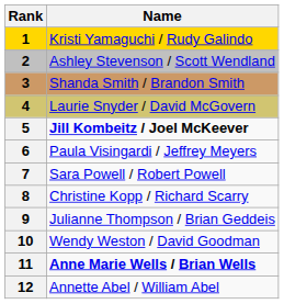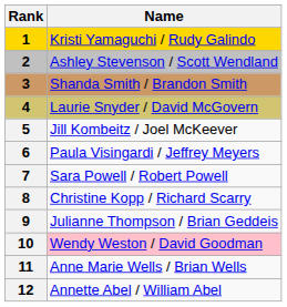 <table class="wikitable">
 <tr>
 <th>Rank</th>
 <th>Name</th>
 </tr>
 <tr bgcolor="gold">
 <td align="center"><strong>1</strong></td>
 <td><a href='#'>Kristi Yamaguchi</a> / <a href='#'>Rudy Galindo</a></td>
 </tr>
 <tr bgcolor="silver">
 <td align="center"><strong>2</strong></td>
 <td><a href='#'>Ashley Stevenson</a> / <a href='#'>Scott Wendland</a></td>
 </tr>
 <tr bgcolor="cc9966">
 <td align="center"><strong>3</strong></td>
 <td><a href='#'>Shanda Smith</a> / <a href='#'>Brandon Smith</a></td>
 </tr>
 <tr bgcolor="#d1c571">
 <td align="center"><strong>4</strong></td>
 <td><a href='#'>Laurie Snyder</a> / <a href='#'>David McGovern</a></td>
 </tr>
 <tr>
 <th>5</th>
-<td><strong><a href='#'>Jill Kombeitz</a> / Joel McKeever</strong></td>
+<td><a href='#'>Jill Kombeitz</a> / Joel McKeever</td>
 </tr>
 <tr>
 <th>6</th>
 <td><a href='#'>Paula Visingardi</a> / <a href='#'>Jeffrey Meyers</a></td>
 </tr>
 <tr>
 <th>7</th>
 <td><a href='#'>Sara Powell</a> / <a href='#'>Robert Powell</a></td>
 </tr>
 <tr>
 <th>8</th>
 <td><a href='#'>Christine Kopp</a> / <a href='#'>Richard Scarry</a></td>
 </tr>
 <tr>
 <th>9</th>
 <td><a href='#'>Julianne Thompson</a> / <a href='#'>Brian Geddeis</a></td>
 </tr>
 <tr>
 <th>10</th>
-<td><a href='#'>Wendy Weston</a> / <a href='#'>David Goodman</a></td>
+<td style="background: pink;"><a href='#'>Wendy Weston</a> / <a href='#'>David Goodman</a></td>
 </tr>
 <tr>
 <th>11</th>
-<td><strong><a href='#'>Anne Marie Wells</a> / <a href='#'>Brian Wells</a></strong></td>
+<td><a href='#'>Anne Marie Wells</a> / <a href='#'>Brian Wells</a></td>
 </tr>
 <tr>
 <th>12</th>
 <td><a href='#'>Annette Abel</a> / <a href='#'>William Abel</a></td>
 </tr>
 </table>
